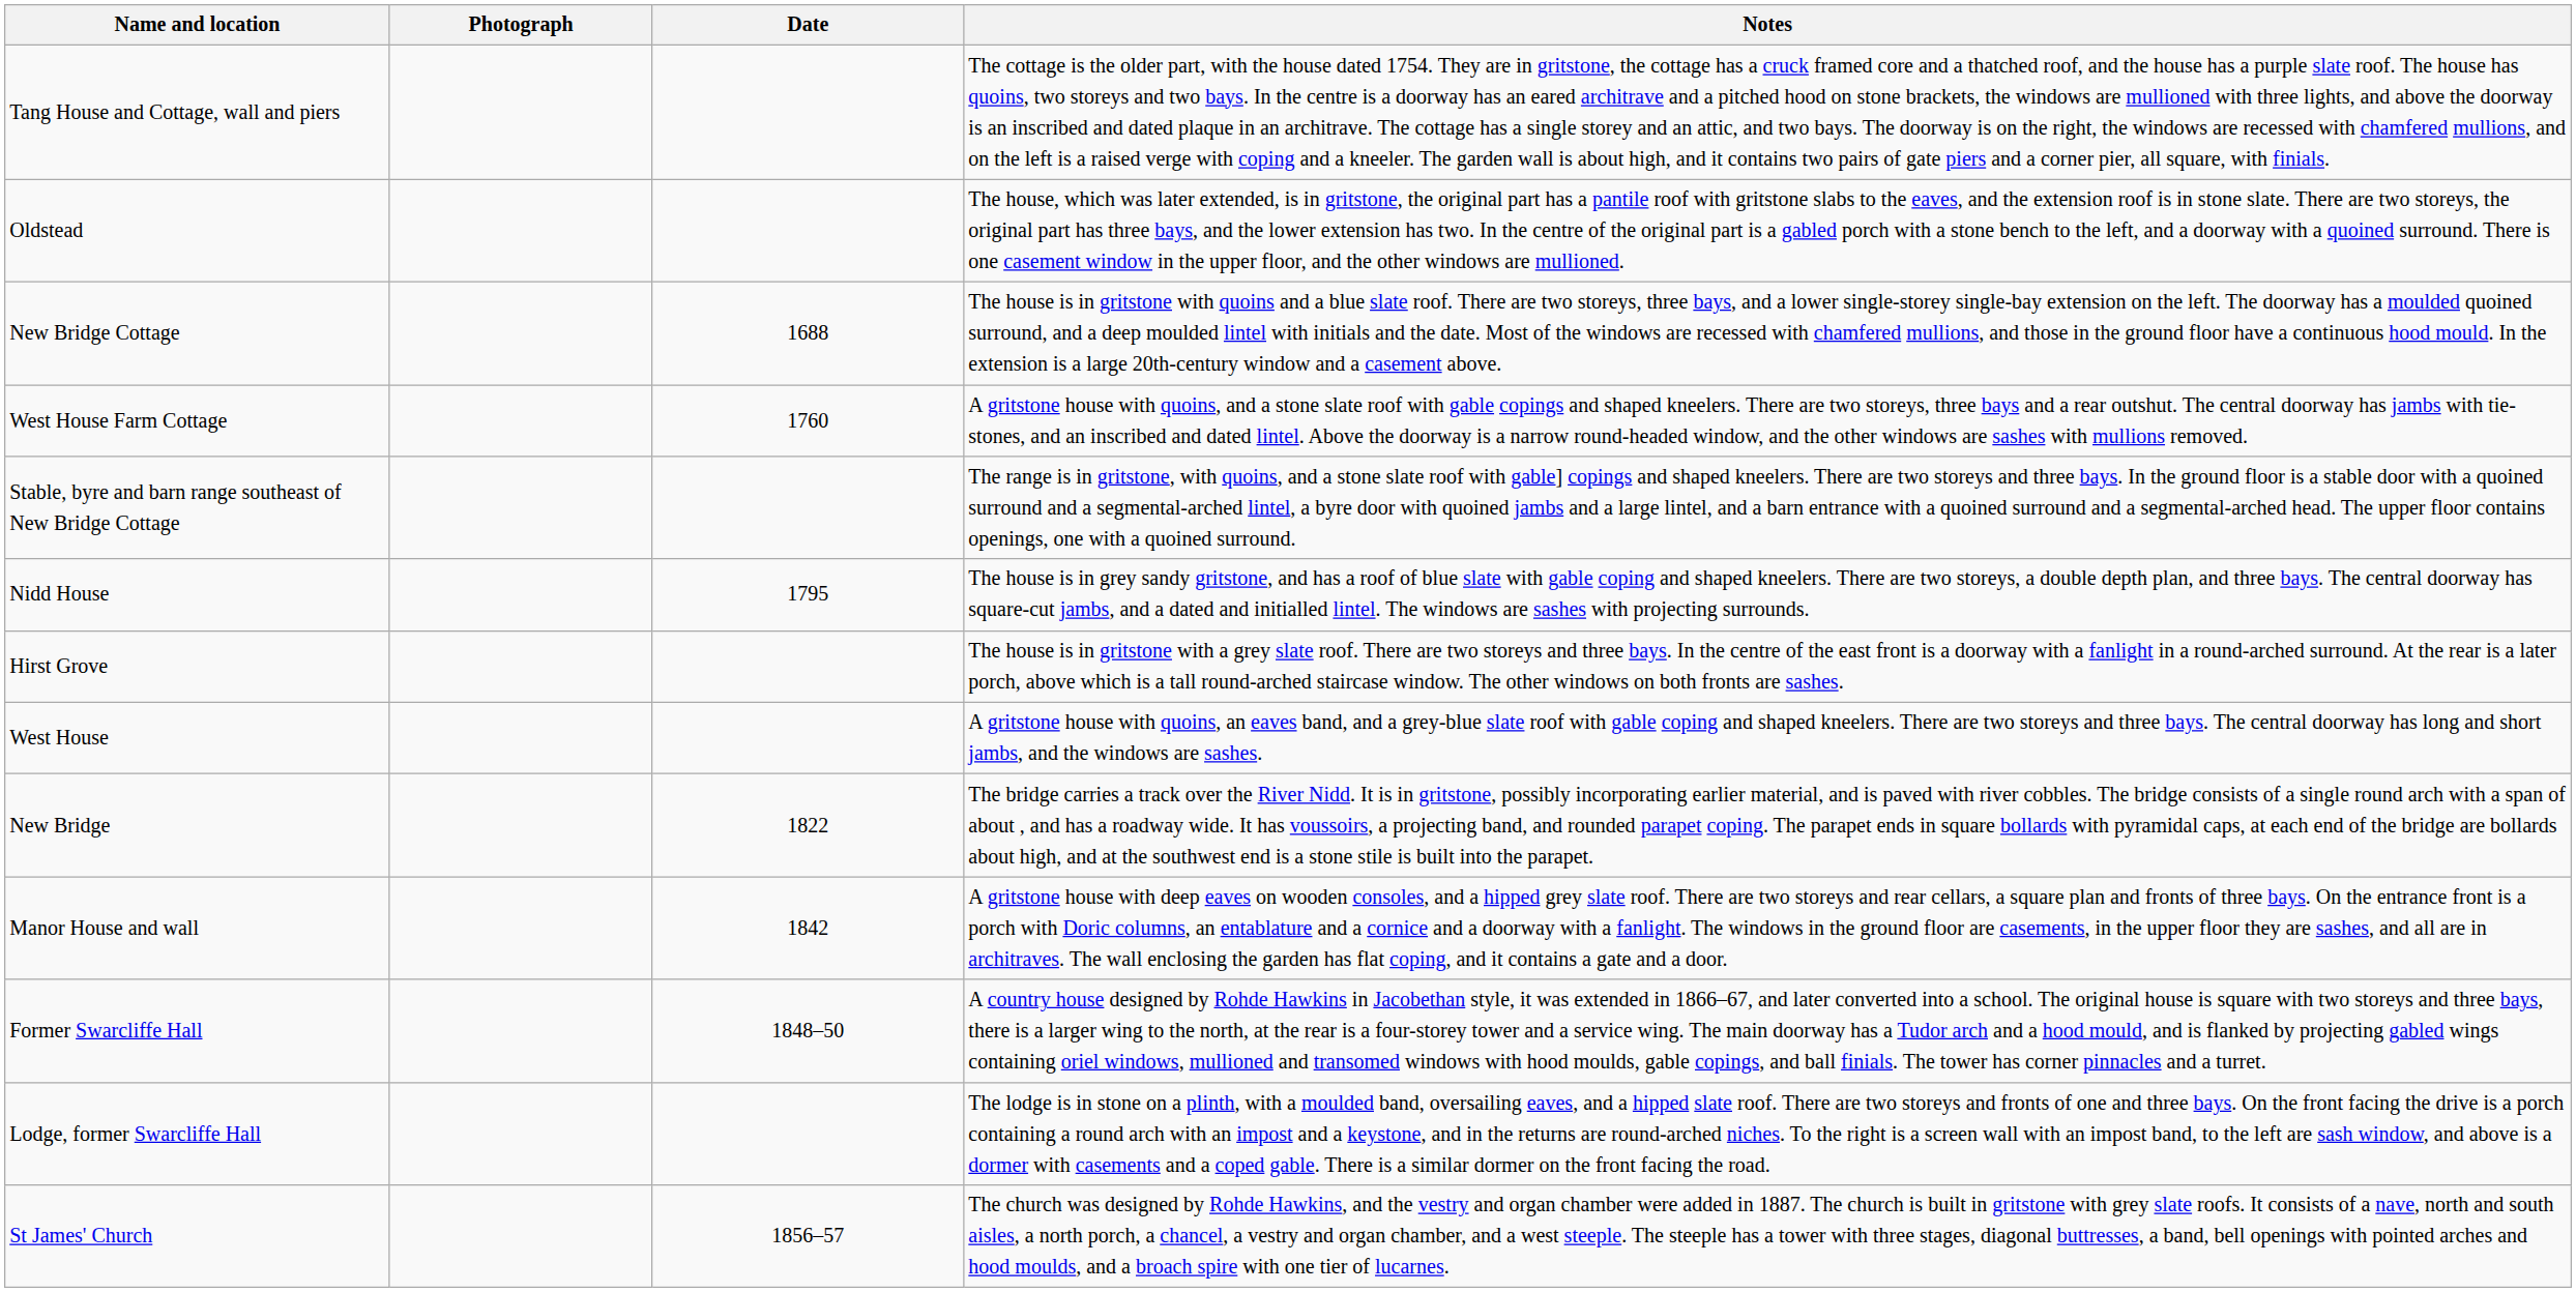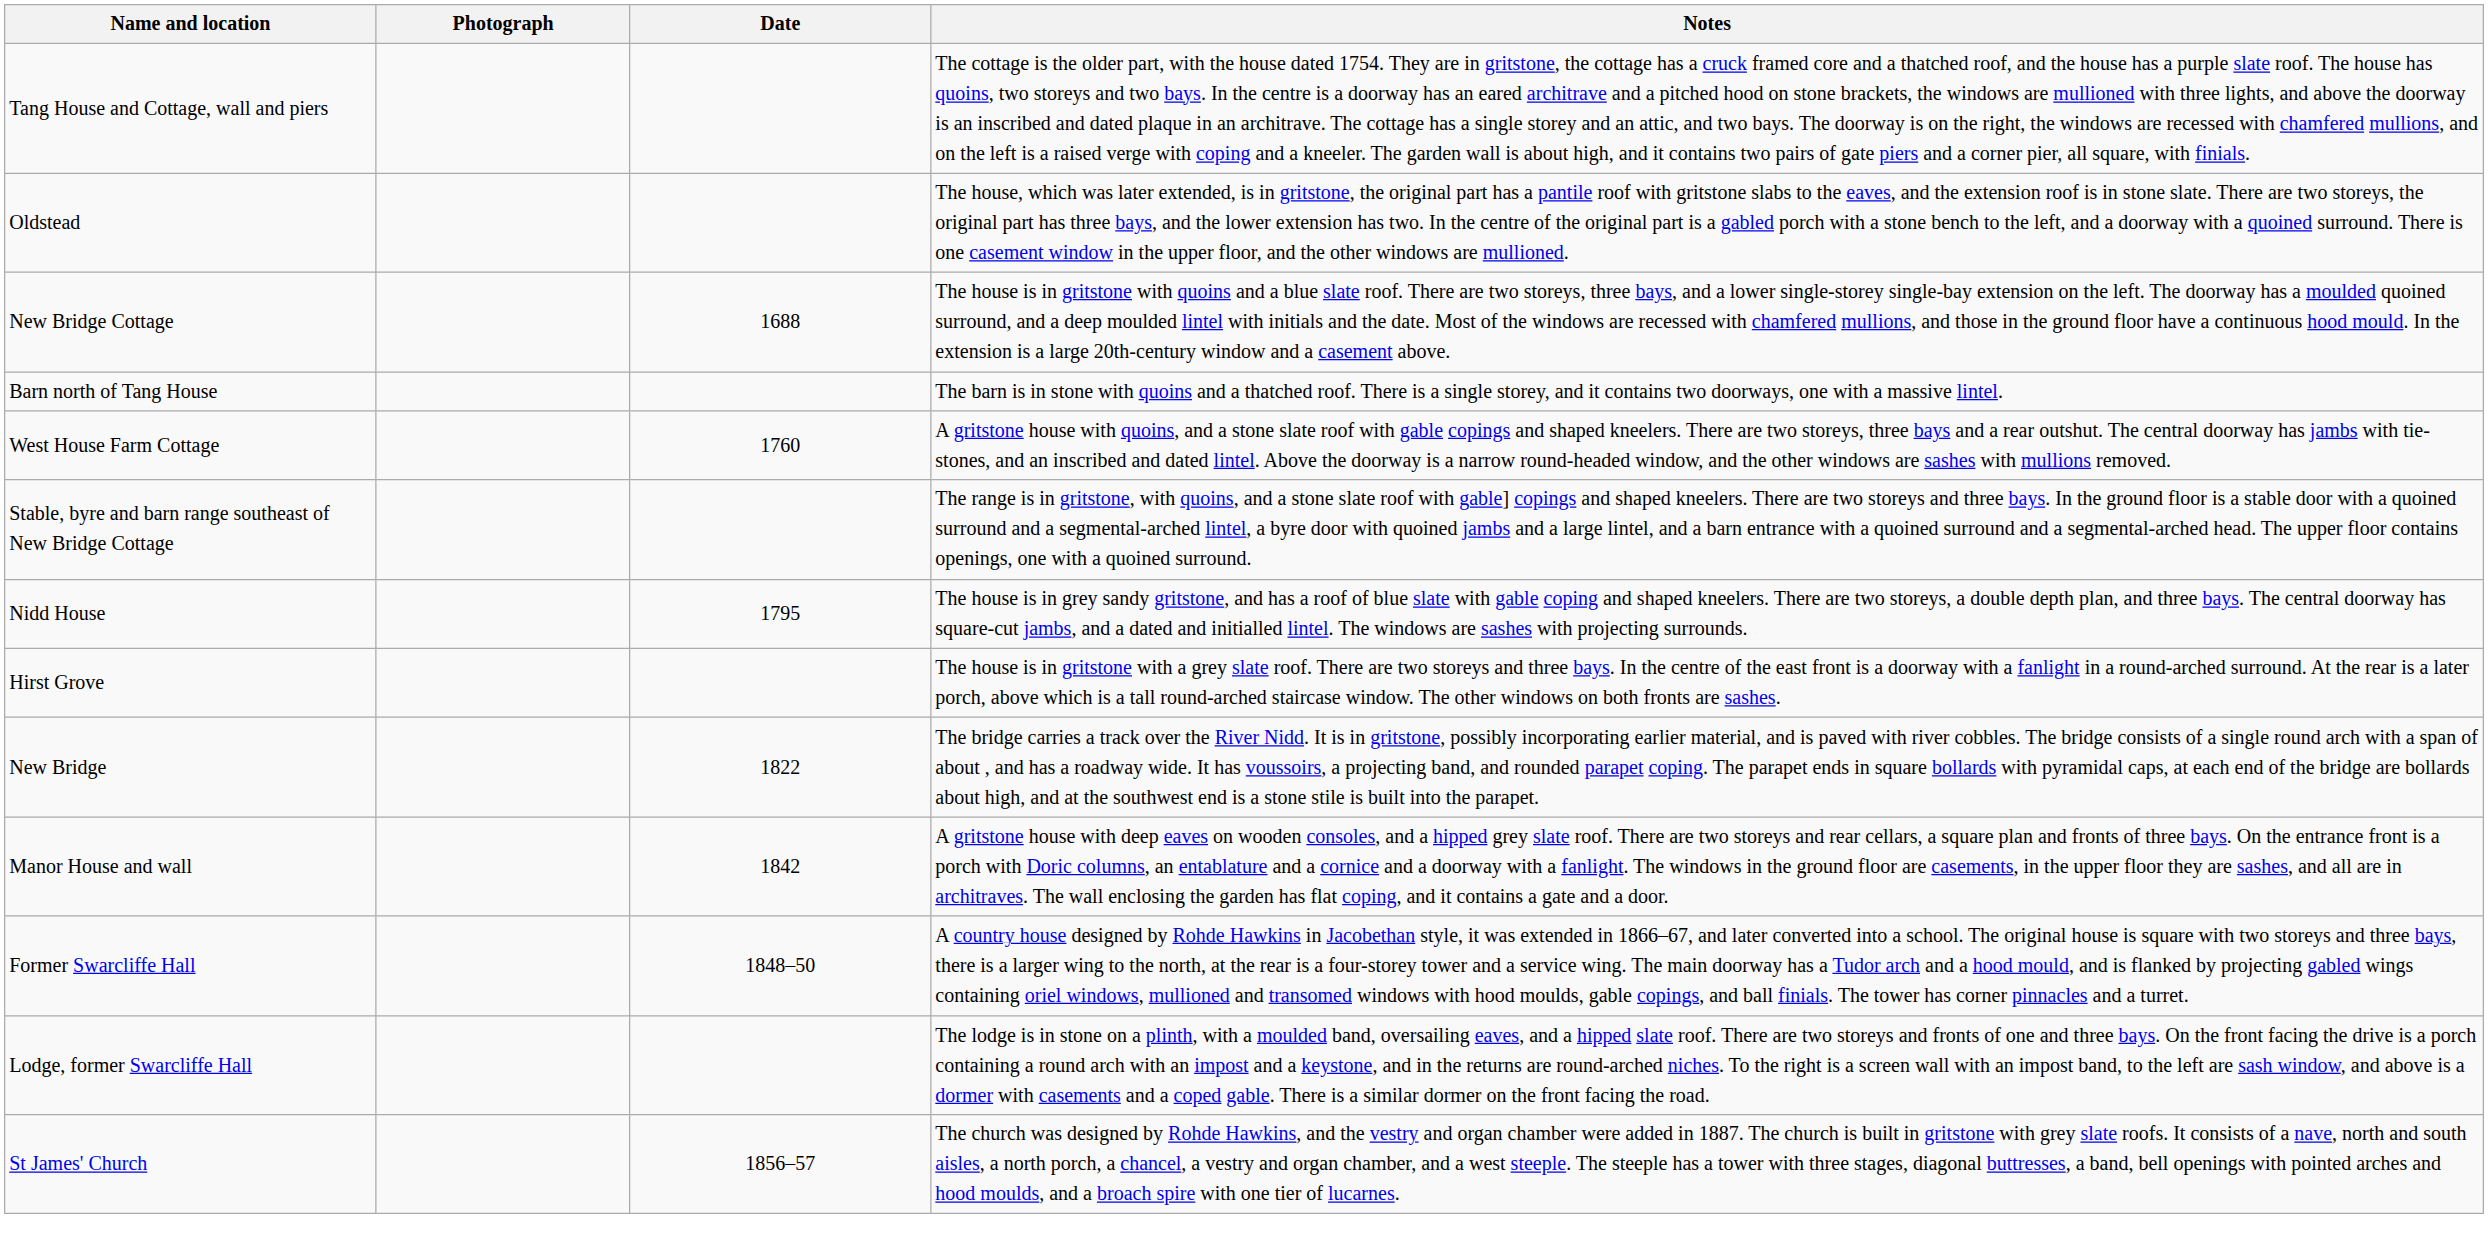 <table class="wikitable sortable plainrowheaders" style="width:100%;border:0px;text-align:left;line-height:150%;">
 <tr>
 <th scope="col"  style="width:150px">Name and location</th>
 <th scope="col"  style="width:100px" class="unsortable">Photograph</th>
 <th scope="col"  style="width:120px">Date</th>
 <th scope="col"  style="width:650px" class="unsortable">Notes</th>
 </tr>
 <tr>
 <td>Tang House and Cottage, wall and piers<br><small></small></td>
 <td></td>
 <td align="center"></td>
 <td>The cottage is the older part, with the house dated 1754.  They are in <a href='#'>gritstone</a>, the cottage has a <a href='#'>cruck</a> framed core and a thatched roof, and the house has a purple <a href='#'>slate</a> roof.  The house has <a href='#'>quoins</a>, two storeys and two <a href='#'>bays</a>.  In the centre is a doorway has an eared <a href='#'>architrave</a> and a pitched hood on stone brackets, the windows are <a href='#'>mullioned</a> with three lights, and above the doorway is an inscribed and dated plaque in an architrave.  The cottage has a single storey and an attic, and two bays.  The doorway is on the right, the windows are recessed with <a href='#'>chamfered</a> <a href='#'>mullions</a>, and on the left is a raised verge with <a href='#'>coping</a> and a kneeler.  The garden wall is about  high, and it contains two pairs of gate <a href='#'>piers</a> and a corner pier, all square, with <a href='#'>finials</a>.</td>
 </tr>
 <tr>
 <td>Oldstead<br><small></small></td>
 <td></td>
 <td align="center"></td>
 <td>The house, which was later extended, is in <a href='#'>gritstone</a>, the original part has a <a href='#'>pantile</a> roof with gritstone slabs to the <a href='#'>eaves</a>, and the extension roof is in stone slate.  There are two storeys, the original part has three <a href='#'>bays</a>, and the lower extension has two.  In the centre of the original part is a <a href='#'>gabled</a> porch with a stone bench to the left, and a doorway with a <a href='#'>quoined</a> surround.  There is one <a href='#'>casement window</a> in the upper floor, and the other windows are <a href='#'>mullioned</a>.</td>
 </tr>
 <tr>
 <td>New Bridge Cottage<br><small></small></td>
 <td></td>
 <td align="center">1688</td>
 <td>The house is in <a href='#'>gritstone</a> with <a href='#'>quoins</a> and a blue <a href='#'>slate</a> roof.  There are two storeys, three <a href='#'>bays</a>, and a lower single-storey single-bay extension on the left.  The doorway has a <a href='#'>moulded</a> quoined surround, and a deep moulded <a href='#'>lintel</a> with initials and the date.  Most of the windows are recessed with <a href='#'>chamfered</a> <a href='#'>mullions</a>, and those in the ground floor have a continuous <a href='#'>hood mould</a>.  In the extension is a large 20th-century window and a <a href='#'>casement</a> above.</td>
 </tr>
 <tr>
+<td>Barn north of Tang House<br><small></small></td>
+<td></td>
+<td align="center"></td>
+<td>The barn is in stone with <a href='#'>quoins</a> and a thatched roof.  There is a single storey, and it contains two doorways, one with a massive <a href='#'>lintel</a>.</td>
+</tr>
+<tr>
 <td>West House Farm Cottage<br><small></small></td>
 <td></td>
 <td align="center">1760</td>
 <td>A <a href='#'>gritstone</a> house with <a href='#'>quoins</a>, and a stone slate roof with <a href='#'>gable</a> <a href='#'>copings</a> and shaped kneelers.  There are two storeys, three <a href='#'>bays</a> and a rear outshut.  The central doorway has <a href='#'>jambs</a> with tie-stones, and an inscribed and dated <a href='#'>lintel</a>.  Above the doorway is a narrow round-headed window, and the other windows are <a href='#'>sashes</a> with <a href='#'>mullions</a> removed.</td>
 </tr>
 <tr>
 <td>Stable, byre and barn range southeast of New Bridge Cottage<br><small></small></td>
 <td></td>
 <td align="center"></td>
 <td>The range is in <a href='#'>gritstone</a>, with <a href='#'>quoins</a>, and a stone slate roof with <a href='#'>gable</a>] <a href='#'>copings</a> and shaped kneelers.  There are two storeys and three <a href='#'>bays</a>.  In the ground floor is a stable door with a quoined surround and a segmental-arched <a href='#'>lintel</a>, a byre door with quoined <a href='#'>jambs</a> and a large lintel, and a barn entrance with a quoined surround and a segmental-arched head.  The upper floor contains openings, one with a quoined surround.</td>
 </tr>
 <tr>
 <td>Nidd House<br><small></small></td>
 <td></td>
 <td align="center">1795</td>
 <td>The house is in grey sandy <a href='#'>gritstone</a>, and has a roof of blue <a href='#'>slate</a> with <a href='#'>gable</a> <a href='#'>coping</a> and shaped kneelers.  There are two storeys, a double depth plan, and three <a href='#'>bays</a>.  The central doorway has square-cut <a href='#'>jambs</a>, and a dated and initialled <a href='#'>lintel</a>.  The windows are <a href='#'>sashes</a> with projecting surrounds.</td>
 </tr>
 <tr>
 <td>Hirst Grove<br><small></small></td>
 <td></td>
 <td align="center"></td>
 <td>The house is in <a href='#'>gritstone</a> with a grey <a href='#'>slate</a> roof.  There are two storeys and three <a href='#'>bays</a>.  In the centre of the east front is a doorway with a <a href='#'>fanlight</a> in a round-arched surround.   At the rear is a later porch, above which is a tall round-arched staircase window.  The other windows on both fronts are <a href='#'>sashes</a>.</td>
-</tr>
-<tr>
-<td>West House<br><small></small></td>
-<td></td>
-<td align="center"></td>
-<td>A <a href='#'>gritstone</a> house with <a href='#'>quoins</a>, an <a href='#'>eaves</a> band, and a grey-blue <a href='#'>slate</a> roof with <a href='#'>gable</a> <a href='#'>coping</a> and shaped kneelers.  There are two storeys and three <a href='#'>bays</a>.  The central doorway has long and short <a href='#'>jambs</a>, and the windows are <a href='#'>sashes</a>.</td>
 </tr>
 <tr>
 <td>New Bridge<br><small></small></td>
 <td></td>
 <td align="center">1822</td>
 <td>The bridge carries a track over the <a href='#'>River Nidd</a>.  It is in <a href='#'>gritstone</a>, possibly incorporating earlier material, and is paved with river cobbles.  The bridge consists of a single round arch with a span of about , and has a roadway  wide.  It has <a href='#'>voussoirs</a>, a projecting band, and rounded <a href='#'>parapet</a> <a href='#'>coping</a>.  The parapet ends in square <a href='#'>bollards</a> with pyramidal caps, at each end of the bridge are bollards about  high, and at the southwest end is a stone stile is built into the parapet.</td>
 </tr>
 <tr>
 <td>Manor House and wall<br><small></small></td>
 <td></td>
 <td align="center">1842</td>
 <td>A <a href='#'>gritstone</a> house with deep <a href='#'>eaves</a> on wooden <a href='#'>consoles</a>, and a <a href='#'>hipped</a> grey <a href='#'>slate</a> roof.  There are two storeys and rear cellars, a square plan and fronts of three <a href='#'>bays</a>.  On the entrance front is a porch with <a href='#'>Doric columns</a>, an <a href='#'>entablature</a> and a <a href='#'>cornice</a> and a doorway with a <a href='#'>fanlight</a>.  The windows in the ground floor are <a href='#'>casements</a>, in the upper floor they are <a href='#'>sashes</a>, and all are in <a href='#'>architraves</a>.  The wall enclosing the garden has flat <a href='#'>coping</a>, and it contains a gate and a door.</td>
 </tr>
 <tr>
 <td>Former <a href='#'>Swarcliffe Hall</a><br><small></small></td>
 <td></td>
 <td align="center">1848–50</td>
 <td>A <a href='#'>country house</a> designed by <a href='#'>Rohde Hawkins</a> in <a href='#'>Jacobethan</a> style, it was extended in 1866–67, and later converted into a school.  The original house is square with two storeys and three <a href='#'>bays</a>, there is a larger wing to the north, at the rear is a four-storey tower and a service wing.  The main doorway has a <a href='#'>Tudor arch</a> and a <a href='#'>hood mould</a>, and is flanked by projecting <a href='#'>gabled</a> wings containing <a href='#'>oriel windows</a>, <a href='#'>mullioned</a> and <a href='#'>transomed</a> windows with hood moulds, gable <a href='#'>copings</a>, and ball <a href='#'>finials</a>.  The tower has corner <a href='#'>pinnacles</a> and a turret.</td>
 </tr>
 <tr>
 <td>Lodge, former <a href='#'>Swarcliffe Hall</a><br><small></small></td>
 <td></td>
 <td align="center"></td>
 <td>The lodge is in stone on a <a href='#'>plinth</a>, with a <a href='#'>moulded</a> band, oversailing <a href='#'>eaves</a>, and a <a href='#'>hipped</a> <a href='#'>slate</a> roof.  There are two storeys and fronts of one and three <a href='#'>bays</a>.  On the front facing the drive is a porch containing a round arch with an <a href='#'>impost</a> and a <a href='#'>keystone</a>, and in the returns are round-arched <a href='#'>niches</a>.  To the right is a screen wall with an impost band, to the left are <a href='#'>sash window</a>, and above is a <a href='#'>dormer</a> with <a href='#'>casements</a> and a <a href='#'>coped</a> <a href='#'>gable</a>.  There is a similar dormer on the front facing the road.</td>
 </tr>
 <tr>
 <td><a href='#'>St James' Church</a><br><small></small></td>
 <td></td>
 <td align="center">1856–57</td>
 <td>The church was designed by <a href='#'>Rohde Hawkins</a>, and the <a href='#'>vestry</a> and organ chamber were added in 1887.  The church is built in <a href='#'>gritstone</a> with grey <a href='#'>slate</a> roofs.  It consists of a <a href='#'>nave</a>, north and south <a href='#'>aisles</a>, a north porch, a <a href='#'>chancel</a>, a vestry and organ chamber, and a west <a href='#'>steeple</a>.  The steeple has a tower with three stages, diagonal <a href='#'>buttresses</a>, a band, bell openings with pointed arches and <a href='#'>hood moulds</a>, and a <a href='#'>broach spire</a> with one tier of <a href='#'>lucarnes</a>.</td>
 </tr>
 <tr>
 </tr>
 </table>
